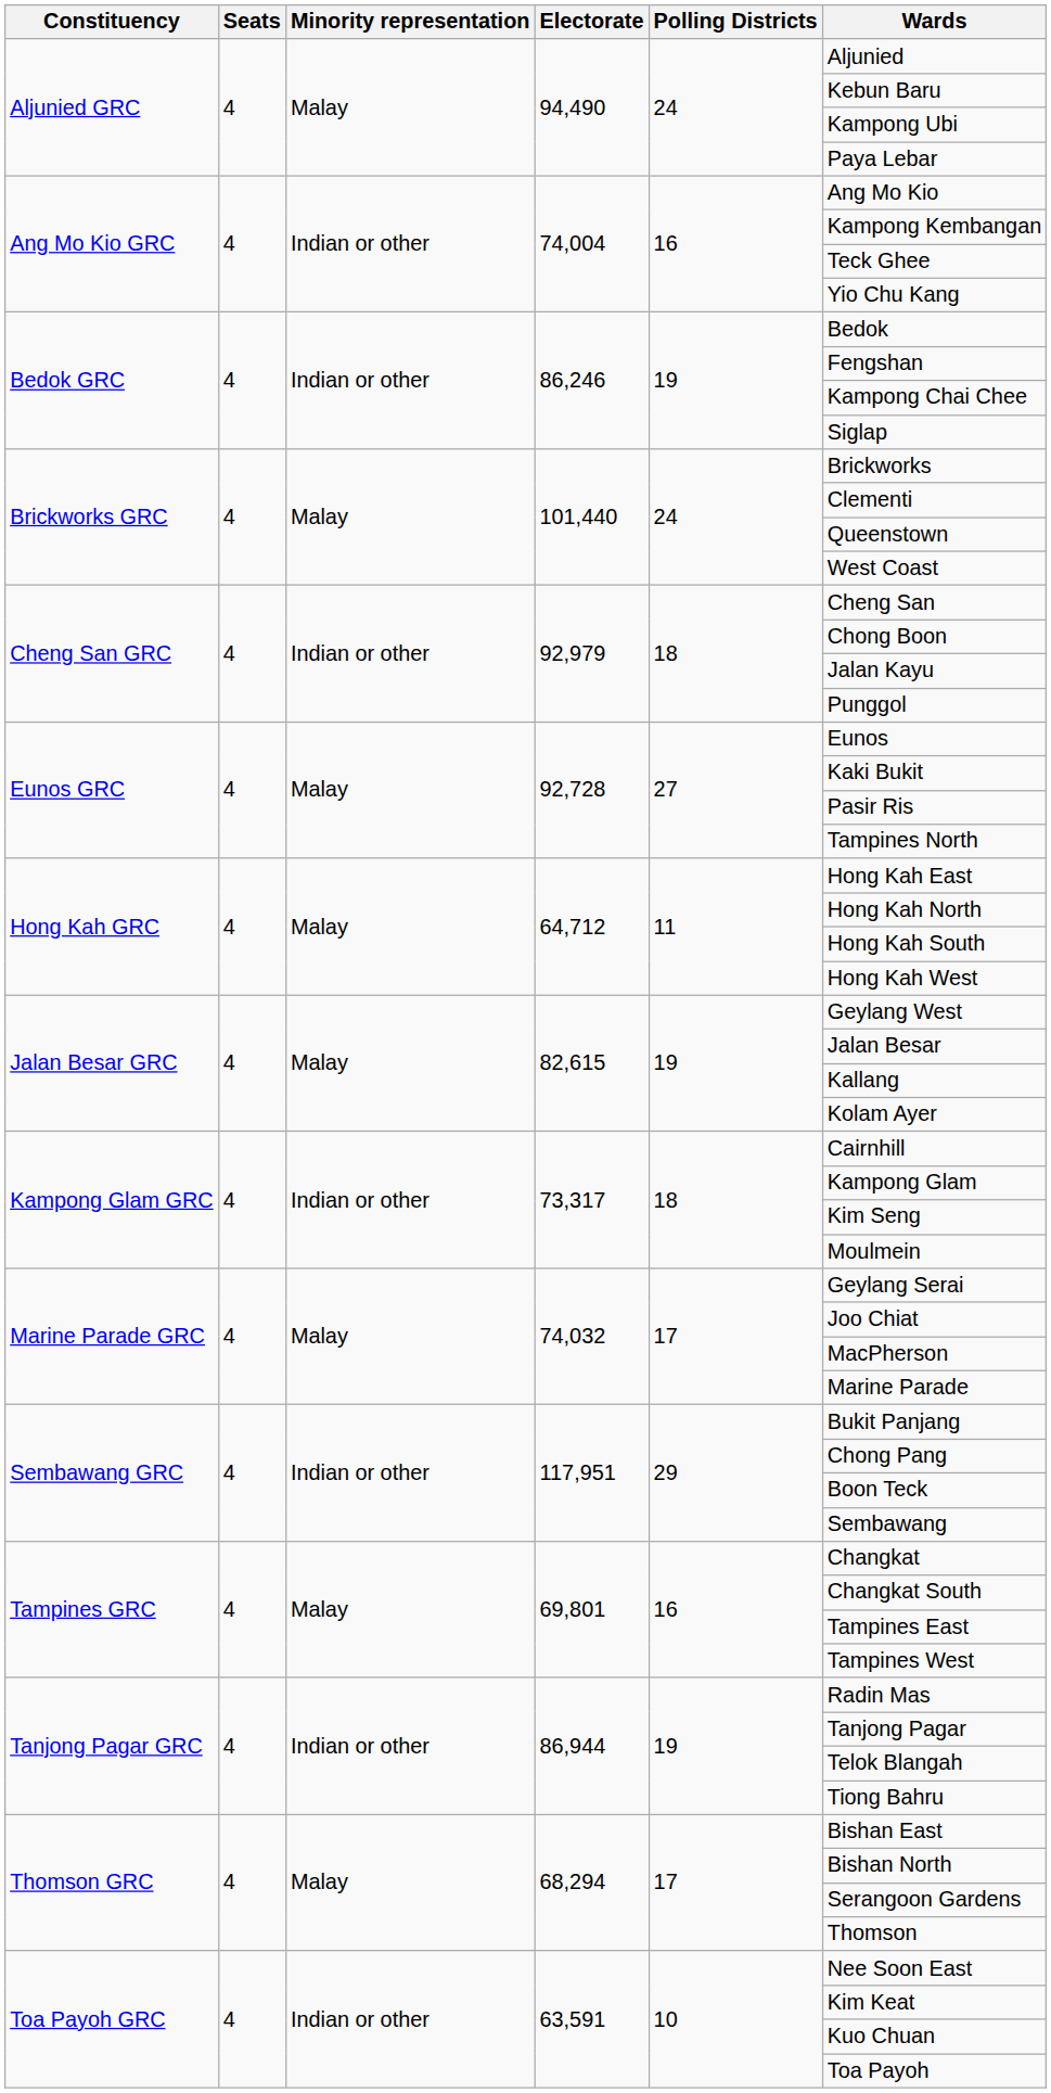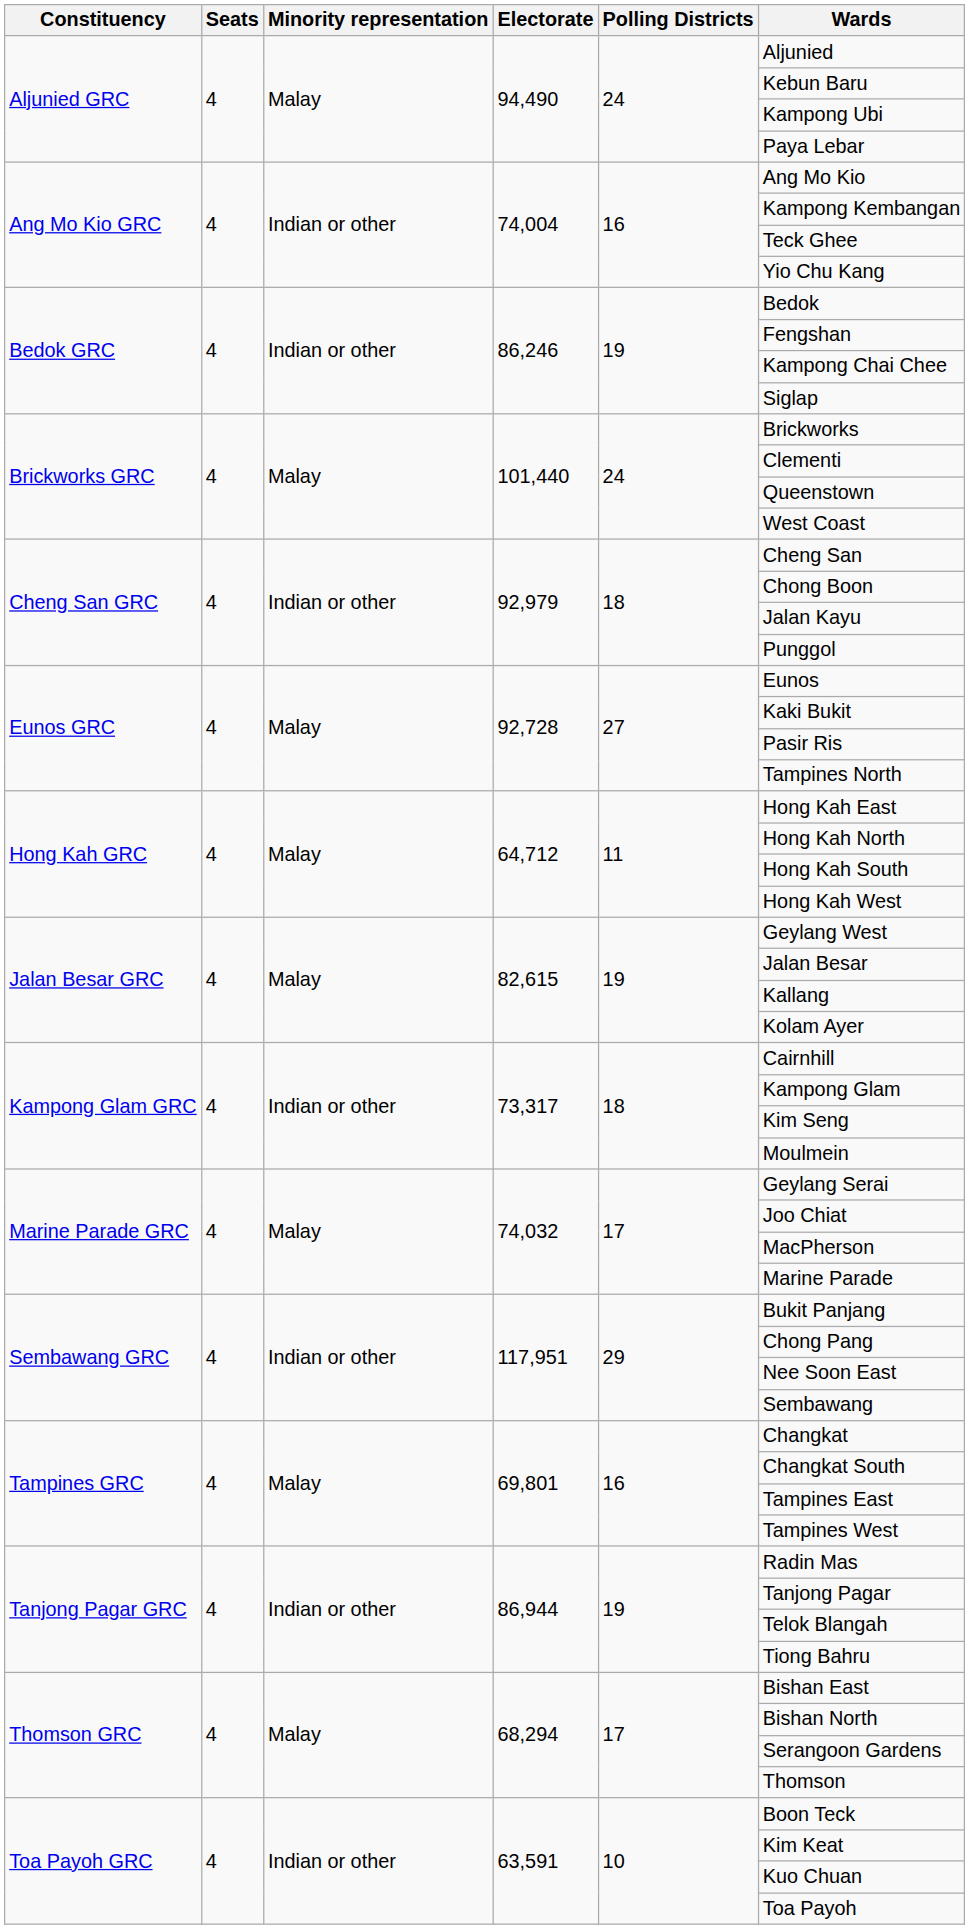 <table class="wikitable">
 <tr>
 <th>Constituency</th>
 <th>Seats</th>
 <th>Minority representation</th>
 <th>Electorate</th>
 <th>Polling Districts</th>
 <th>Wards</th>
 </tr>
 <tr>
 <td rowspan="4"><a href='#'>Aljunied GRC</a></td>
 <td rowspan="4">4</td>
 <td rowspan="4">Malay</td>
 <td rowspan="4">94,490</td>
 <td rowspan="4">24</td>
 <td>Aljunied</td>
 </tr>
 <tr>
 <td>Kebun Baru</td>
 </tr>
 <tr>
 <td>Kampong Ubi</td>
 </tr>
 <tr>
 <td>Paya Lebar</td>
 </tr>
 <tr>
 <td rowspan="4"><a href='#'>Ang Mo Kio GRC</a></td>
 <td rowspan="4">4</td>
 <td rowspan="4">Indian or other</td>
 <td rowspan="4">74,004</td>
 <td rowspan="4">16</td>
 <td>Ang Mo Kio</td>
 </tr>
 <tr>
 <td>Kampong Kembangan</td>
 </tr>
 <tr>
 <td>Teck Ghee</td>
 </tr>
 <tr>
 <td>Yio Chu Kang</td>
 </tr>
 <tr>
 <td rowspan="4"><a href='#'>Bedok GRC</a></td>
 <td rowspan="4">4</td>
 <td rowspan="4">Indian or other</td>
 <td rowspan="4">86,246</td>
 <td rowspan="4">19</td>
 <td>Bedok</td>
 </tr>
 <tr>
 <td>Fengshan</td>
 </tr>
 <tr>
 <td>Kampong Chai Chee</td>
 </tr>
 <tr>
 <td>Siglap</td>
 </tr>
 <tr>
 <td rowspan="4"><a href='#'>Brickworks GRC</a></td>
 <td rowspan="4">4</td>
 <td rowspan="4">Malay</td>
 <td rowspan="4">101,440</td>
 <td rowspan="4">24</td>
 <td>Brickworks</td>
 </tr>
 <tr>
 <td>Clementi</td>
 </tr>
 <tr>
 <td>Queenstown</td>
 </tr>
 <tr>
 <td>West Coast</td>
 </tr>
 <tr>
 <td rowspan="4"><a href='#'>Cheng San GRC</a></td>
 <td rowspan="4">4</td>
 <td rowspan="4">Indian or other</td>
 <td rowspan="4">92,979</td>
 <td rowspan="4">18</td>
 <td>Cheng San</td>
 </tr>
 <tr>
 <td>Chong Boon</td>
 </tr>
 <tr>
 <td>Jalan Kayu</td>
 </tr>
 <tr>
 <td>Punggol</td>
 </tr>
 <tr>
 <td rowspan="4"><a href='#'>Eunos GRC</a></td>
 <td rowspan="4">4</td>
 <td rowspan="4">Malay</td>
 <td rowspan="4">92,728</td>
 <td rowspan="4">27</td>
 <td>Eunos</td>
 </tr>
 <tr>
 <td>Kaki Bukit</td>
 </tr>
 <tr>
 <td>Pasir Ris</td>
 </tr>
 <tr>
 <td>Tampines North</td>
 </tr>
 <tr>
 <td rowspan="4"><a href='#'>Hong Kah GRC</a></td>
 <td rowspan="4">4</td>
 <td rowspan="4">Malay</td>
 <td rowspan="4">64,712</td>
 <td rowspan="4">11</td>
 <td>Hong Kah East</td>
 </tr>
 <tr>
 <td>Hong Kah North</td>
 </tr>
 <tr>
 <td>Hong Kah South</td>
 </tr>
 <tr>
 <td>Hong Kah West</td>
 </tr>
 <tr>
 <td rowspan="4"><a href='#'>Jalan Besar GRC</a></td>
 <td rowspan="4">4</td>
 <td rowspan="4">Malay</td>
 <td rowspan="4">82,615</td>
 <td rowspan="4">19</td>
 <td>Geylang West</td>
 </tr>
 <tr>
 <td>Jalan Besar</td>
 </tr>
 <tr>
 <td>Kallang</td>
 </tr>
 <tr>
 <td>Kolam Ayer</td>
 </tr>
 <tr>
 <td rowspan="4"><a href='#'>Kampong Glam GRC</a></td>
 <td rowspan="4">4</td>
 <td rowspan="4">Indian or other</td>
 <td rowspan="4">73,317</td>
 <td rowspan="4">18</td>
 <td>Cairnhill</td>
 </tr>
 <tr>
 <td>Kampong Glam</td>
 </tr>
 <tr>
 <td>Kim Seng</td>
 </tr>
 <tr>
 <td>Moulmein</td>
 </tr>
 <tr>
 <td rowspan="4"><a href='#'>Marine Parade GRC</a></td>
 <td rowspan="4">4</td>
 <td rowspan="4">Malay</td>
 <td rowspan="4">74,032</td>
 <td rowspan="4">17</td>
 <td>Geylang Serai</td>
 </tr>
 <tr>
 <td>Joo Chiat</td>
 </tr>
 <tr>
 <td>MacPherson</td>
 </tr>
 <tr>
 <td>Marine Parade</td>
 </tr>
 <tr>
 <td rowspan="4"><a href='#'>Sembawang GRC</a></td>
 <td rowspan="4">4</td>
 <td rowspan="4">Indian or other</td>
 <td rowspan="4">117,951</td>
 <td rowspan="4">29</td>
 <td>Bukit Panjang</td>
 </tr>
 <tr>
 <td>Chong Pang</td>
 </tr>
 <tr>
-<td>Boon Teck</td>
+<td>Nee Soon East</td>
 </tr>
 <tr>
 <td>Sembawang</td>
 </tr>
 <tr>
 <td rowspan="4"><a href='#'>Tampines GRC</a></td>
 <td rowspan="4">4</td>
 <td rowspan="4">Malay</td>
 <td rowspan="4">69,801</td>
 <td rowspan="4">16</td>
 <td>Changkat</td>
 </tr>
 <tr>
 <td>Changkat South</td>
 </tr>
 <tr>
 <td>Tampines East</td>
 </tr>
 <tr>
 <td>Tampines West</td>
 </tr>
 <tr>
 <td rowspan="4"><a href='#'>Tanjong Pagar GRC</a></td>
 <td rowspan="4">4</td>
 <td rowspan="4">Indian or other</td>
 <td rowspan="4">86,944</td>
 <td rowspan="4">19</td>
 <td>Radin Mas</td>
 </tr>
 <tr>
 <td>Tanjong Pagar</td>
 </tr>
 <tr>
 <td>Telok Blangah</td>
 </tr>
 <tr>
 <td>Tiong Bahru</td>
 </tr>
 <tr>
 <td rowspan="4"><a href='#'>Thomson GRC</a></td>
 <td rowspan="4">4</td>
 <td rowspan="4">Malay</td>
 <td rowspan="4">68,294</td>
 <td rowspan="4">17</td>
 <td>Bishan East</td>
 </tr>
 <tr>
 <td>Bishan North</td>
 </tr>
 <tr>
 <td>Serangoon Gardens</td>
 </tr>
 <tr>
 <td>Thomson</td>
 </tr>
 <tr>
 <td rowspan="4"><a href='#'>Toa Payoh GRC</a></td>
 <td rowspan="4">4</td>
 <td rowspan="4">Indian or other</td>
 <td rowspan="4">63,591</td>
 <td rowspan="4">10</td>
-<td>Nee Soon East</td>
+<td>Boon Teck</td>
 </tr>
 <tr>
 <td>Kim Keat</td>
 </tr>
 <tr>
 <td>Kuo Chuan</td>
 </tr>
 <tr>
 <td>Toa Payoh</td>
 </tr>
 </table>
